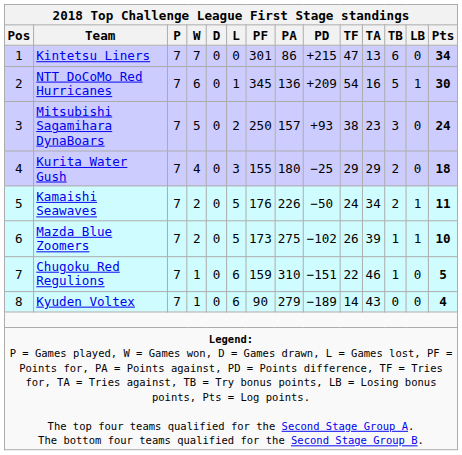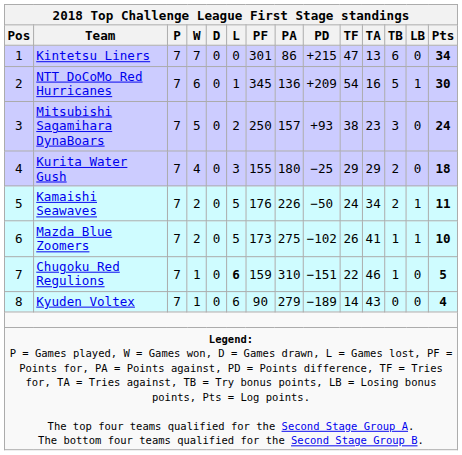 <table class="wikitable" style="text-align:center; font-size:100%; width:75%;">
 <tr>
 <th colspan="100%" cellpadding="0" cellspacing="0"><strong>2018 Top Challenge League First Stage standings</strong></th>
 </tr>
 <tr>
 <th style="width:5%;">Pos</th>
 <th style="width:35%;">Team</th>
 <th style="width:5%;">P</th>
 <th style="width:5%;">W</th>
 <th style="width:5%;">D</th>
 <th style="width:5%;">L</th>
 <th style="width:5%;">PF</th>
 <th style="width:5%;">PA</th>
 <th style="width:5%;">PD</th>
 <th style="width:5%;">TF</th>
 <th style="width:5%;">TA</th>
 <th style="width:5%;">TB</th>
 <th style="width:5%;">LB</th>
 <th style="width:5%;">Pts<br></th>
 </tr>
 <tr style="background:#CCCCFF;">
 <td>1</td>
 <td style="text-align:left;"><a href='#'>Kintetsu Liners</a></td>
 <td>7</td>
 <td>7</td>
 <td>0</td>
 <td>0</td>
 <td>301</td>
 <td>86</td>
 <td>+215</td>
 <td>47</td>
 <td>13</td>
 <td>6</td>
 <td>0</td>
 <td><strong>34</strong></td>
 </tr>
 <tr style="background:#CCCCFF;">
 <td>2</td>
 <td style="text-align:left;"><a href='#'>NTT DoCoMo Red Hurricanes</a></td>
 <td>7</td>
 <td>6</td>
 <td>0</td>
 <td>1</td>
 <td>345</td>
 <td>136</td>
 <td>+209</td>
 <td>54</td>
 <td>16</td>
 <td>5</td>
 <td>1</td>
 <td><strong>30</strong></td>
 </tr>
 <tr style="background:#CCCCFF;">
 <td>3</td>
 <td style="text-align:left;"><a href='#'>Mitsubishi Sagamihara DynaBoars</a></td>
 <td>7</td>
 <td>5</td>
 <td>0</td>
 <td>2</td>
 <td>250</td>
 <td>157</td>
 <td>+93</td>
 <td>38</td>
 <td>23</td>
 <td>3</td>
 <td>0</td>
 <td><strong>24</strong></td>
 </tr>
 <tr style="background:#CCCCFF;">
 <td>4</td>
 <td style="text-align:left;"><a href='#'>Kurita Water Gush</a></td>
 <td>7</td>
 <td>4</td>
 <td>0</td>
 <td>3</td>
 <td>155</td>
 <td>180</td>
 <td>−25</td>
 <td>29</td>
 <td>29</td>
 <td>2</td>
 <td>0</td>
 <td><strong>18</strong></td>
 </tr>
 <tr style="background:#CFFCFF;">
 <td>5</td>
 <td style="text-align:left;"><a href='#'>Kamaishi Seawaves</a></td>
 <td>7</td>
 <td>2</td>
 <td>0</td>
 <td>5</td>
 <td>176</td>
 <td>226</td>
 <td>−50</td>
 <td>24</td>
 <td>34</td>
 <td>2</td>
 <td>1</td>
 <td><strong>11</strong></td>
 </tr>
 <tr style="background:#CFFCFF;">
 <td>6</td>
 <td style="text-align:left;"><a href='#'>Mazda Blue Zoomers</a></td>
 <td>7</td>
 <td>2</td>
 <td>0</td>
 <td>5</td>
 <td>173</td>
 <td>275</td>
 <td>−102</td>
 <td>26</td>
-<td>39</td>
+<td>41</td>
 <td>1</td>
 <td>1</td>
 <td><strong>10</strong></td>
 </tr>
 <tr style="background:#CFFCFF;">
 <td>7</td>
 <td style="text-align:left;"><a href='#'>Chugoku Red Regulions</a></td>
 <td>7</td>
 <td>1</td>
 <td>0</td>
-<td>6</td>
+<td><strong>6</strong></td>
 <td>159</td>
 <td>310</td>
 <td>−151</td>
 <td>22</td>
 <td>46</td>
 <td>1</td>
 <td>0</td>
 <td><strong>5</strong></td>
 </tr>
 <tr style="background:#CFFCFF;">
 <td>8</td>
 <td style="text-align:left;"><a href='#'>Kyuden Voltex</a></td>
 <td>7</td>
 <td>1</td>
 <td>0</td>
 <td>6</td>
 <td>90</td>
 <td>279</td>
 <td>−189</td>
 <td>14</td>
 <td>43</td>
 <td>0</td>
 <td>0</td>
 <td><strong>4</strong></td>
 </tr>
 <tr>
 <td colspan="100%" style="height:10px;"></td>
 </tr>
 <tr>
 <td colspan="100%"><small><strong>Legend:</strong> <br> P = Games played, W = Games won, D = Games drawn, L = Games lost, PF = Points for, PA = Points against, PD = Points difference, TF = Tries for, TA = Tries against, TB = Try bonus points, LB = Losing bonus points, Pts = Log points. <br> <br> <span>The top four teams</span> qualified for the <a href='#'>Second Stage Group A</a>. <br> <span>The bottom four teams</span> qualified for the <a href='#'>Second Stage Group B</a>.</small></td>
 </tr>
 </table>
